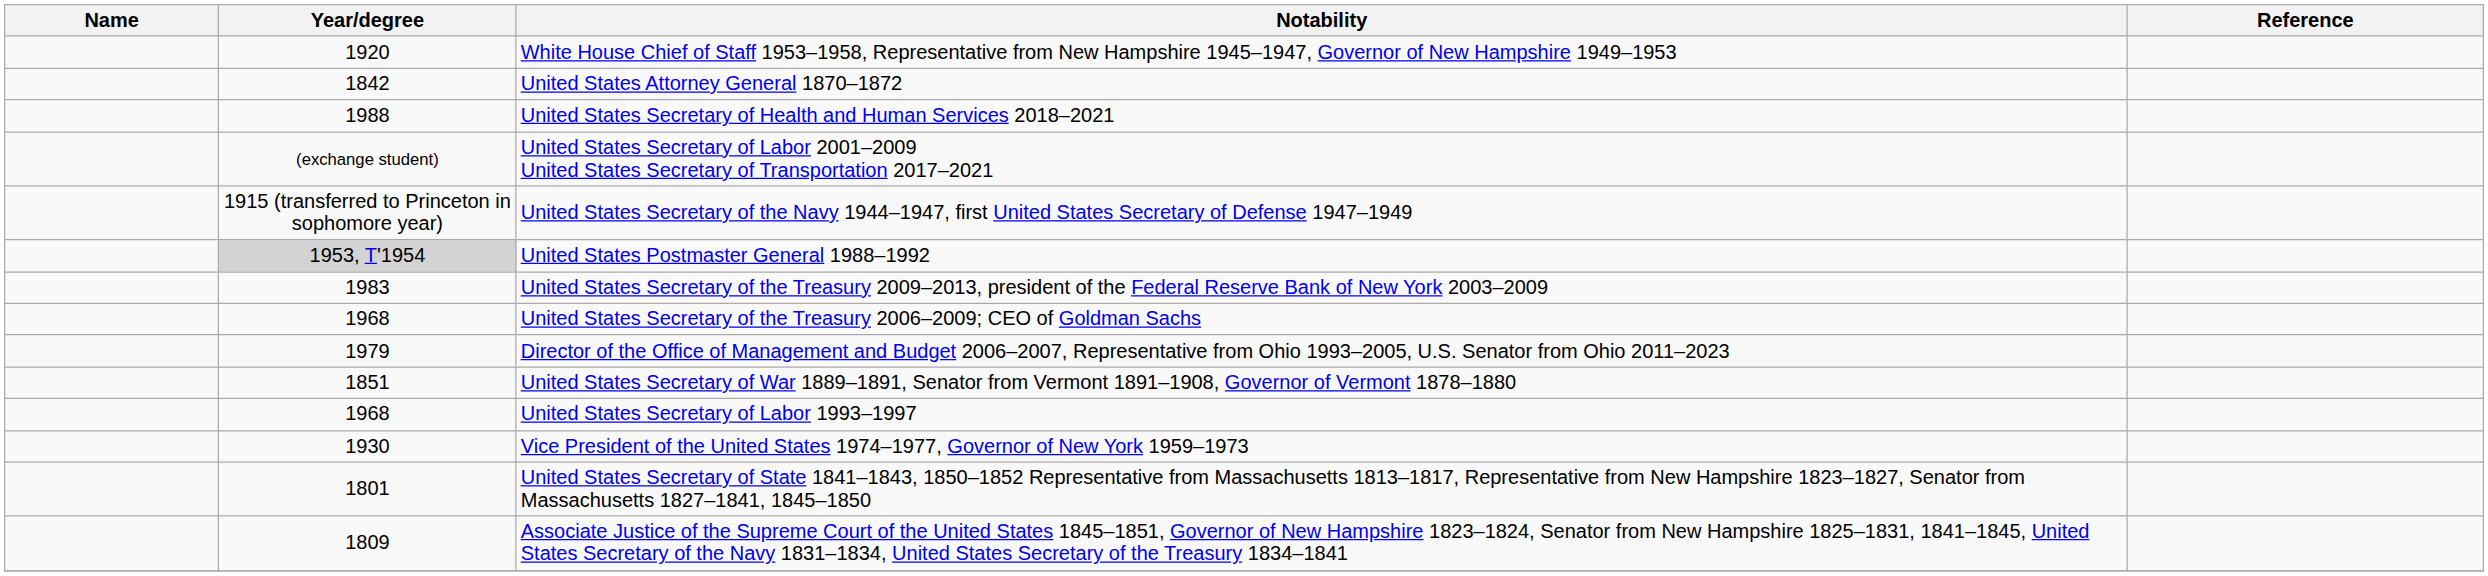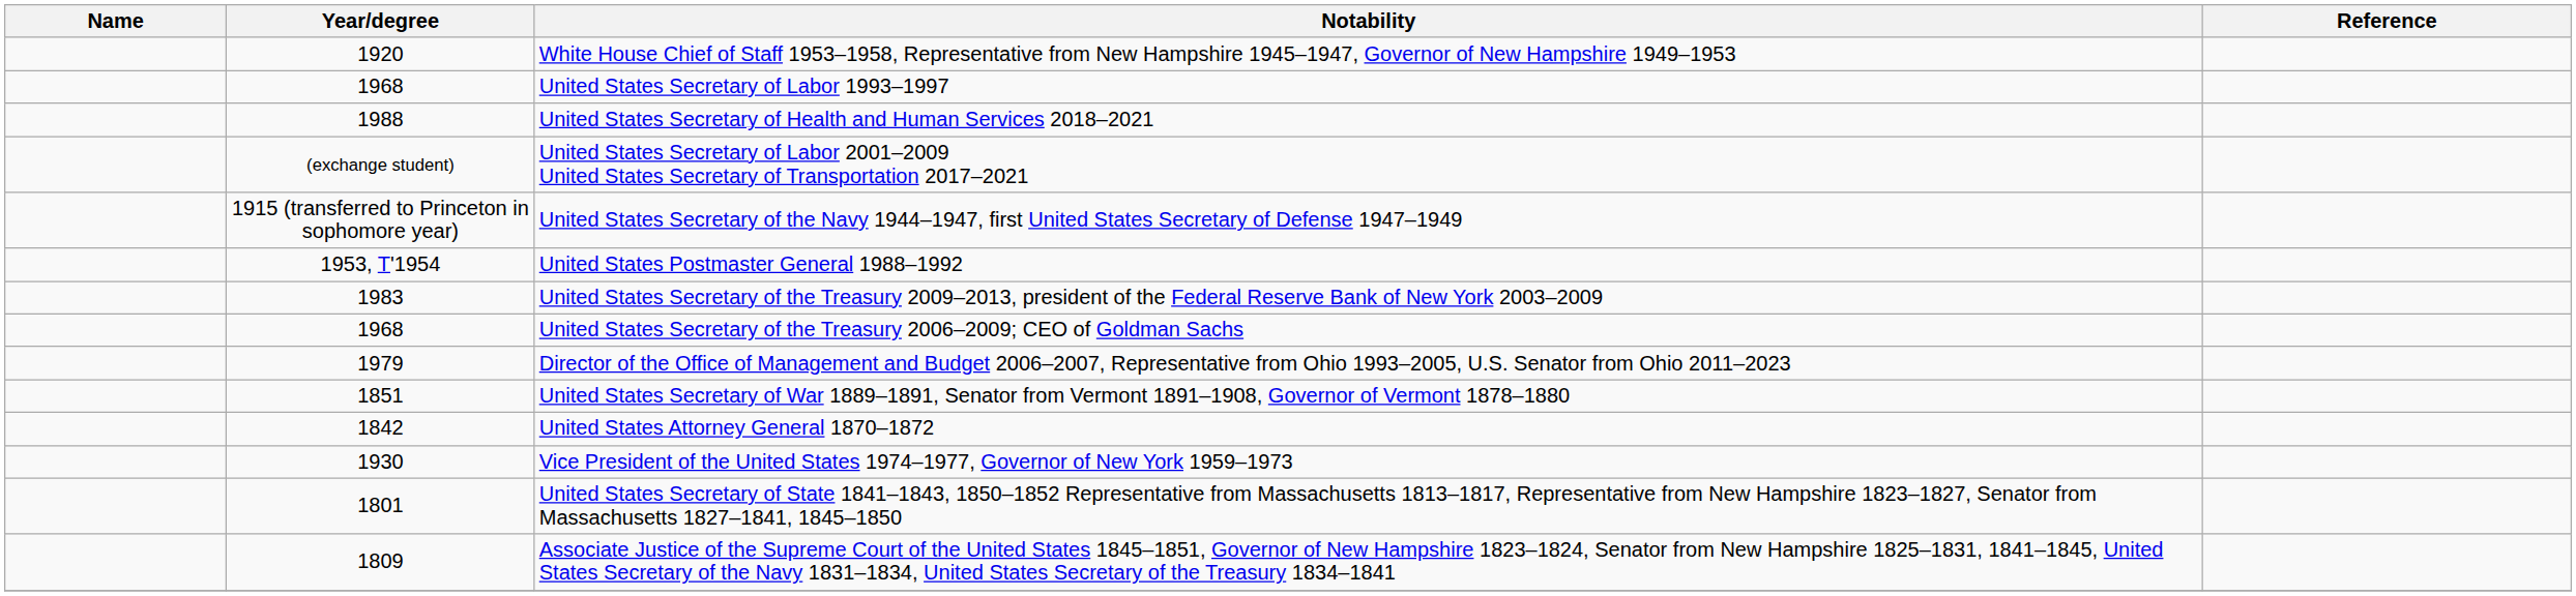 <table class="wikitable sortable" style="width:100%">
 <tr>
 <th style="width:*;">Name</th>
 <th style="width:12%;">Year/degree</th>
 <th style="width:65%;" class="unsortable">Notability</th>
 <th style="width:*;" class="unsortable">Reference</th>
 </tr>
 <tr>
 <td></td>
 <td style="text-align:center;">1920</td>
 <td><a href='#'>White House Chief of Staff</a> 1953–1958, Representative from New Hampshire 1945–1947, <a href='#'>Governor of New Hampshire</a> 1949–1953</td>
 <td style="text-align:center;"></td>
 </tr>
 <tr>
 <td></td>
-<td style="text-align:center;">1842</td>
-<td><a href='#'>United States Attorney General</a> 1870–1872</td>
+<td style="text-align:center;">1968</td>
+<td><a href='#'>United States Secretary of Labor</a> 1993–1997</td>
 <td style="text-align:center;"></td>
 </tr>
 <tr>
 <td></td>
 <td style="text-align:center;">1988</td>
 <td><a href='#'>United States Secretary of Health and Human Services</a> 2018–2021</td>
 <td style="text-align:center;"></td>
 </tr>
 <tr>
 <td></td>
 <td style="text-align:center;"><small>(exchange student)</small></td>
 <td><a href='#'>United States Secretary of Labor</a> 2001–2009<br><a href='#'>United States Secretary of Transportation</a>  2017–2021</td>
 <td style="text-align:center;"></td>
 </tr>
 <tr>
 <td></td>
 <td style="text-align:center;">1915 (transferred to Princeton in sophomore year)</td>
 <td><a href='#'>United States Secretary of the Navy</a> 1944–1947, first <a href='#'>United States Secretary of Defense</a> 1947–1949</td>
 <td style="text-align:center;"></td>
 </tr>
 <tr>
 <td></td>
-<td style="background: lightgrey; text-align:center;">1953, <a href='#'>T</a>'1954</td>
+<td style="text-align:center;">1953, <a href='#'>T</a>'1954</td>
 <td><a href='#'>United States Postmaster General</a> 1988–1992</td>
 <td style="text-align:center;"></td>
 </tr>
 <tr>
 <td></td>
 <td style="text-align:center;">1983</td>
 <td><a href='#'>United States Secretary of the Treasury</a> 2009–2013, president of the <a href='#'>Federal Reserve Bank of New York</a> 2003–2009</td>
 <td style="text-align:center;"></td>
 </tr>
 <tr>
 <td></td>
 <td style="text-align:center;">1968</td>
 <td><a href='#'>United States Secretary of the Treasury</a> 2006–2009; CEO of <a href='#'>Goldman Sachs</a></td>
 <td style="text-align:center;"></td>
 </tr>
 <tr>
 <td></td>
 <td style="text-align:center;">1979</td>
 <td><a href='#'>Director of the Office of Management and Budget</a> 2006–2007, Representative from Ohio 1993–2005, U.S. Senator from Ohio 2011–2023</td>
 <td style="text-align:center;"></td>
 </tr>
 <tr>
 <td></td>
 <td style="text-align:center;">1851</td>
 <td><a href='#'>United States Secretary of War</a> 1889–1891, Senator from Vermont 1891–1908, <a href='#'>Governor of Vermont</a> 1878–1880</td>
 <td style="text-align:center;"></td>
 </tr>
 <tr>
 <td></td>
-<td style="text-align:center;">1968</td>
-<td><a href='#'>United States Secretary of Labor</a> 1993–1997</td>
+<td style="text-align:center;">1842</td>
+<td><a href='#'>United States Attorney General</a> 1870–1872</td>
 <td style="text-align:center;"></td>
 </tr>
 <tr>
 <td></td>
 <td style="text-align:center;">1930</td>
 <td><a href='#'>Vice President of the United States</a> 1974–1977, <a href='#'>Governor of New York</a> 1959–1973</td>
 <td style="text-align:center;"></td>
 </tr>
 <tr>
 <td></td>
 <td style="text-align:center;">1801</td>
 <td><a href='#'>United States Secretary of State</a> 1841–1843, 1850–1852 Representative from Massachusetts 1813–1817, Representative from New Hampshire 1823–1827, Senator from Massachusetts 1827–1841, 1845–1850</td>
 <td style="text-align:center;"></td>
 </tr>
 <tr>
 <td></td>
 <td style="text-align:center;">1809</td>
 <td><a href='#'>Associate Justice of the Supreme Court of the United States</a> 1845–1851, <a href='#'>Governor of New Hampshire</a> 1823–1824, Senator from New Hampshire 1825–1831, 1841–1845, <a href='#'>United States Secretary of the Navy</a> 1831–1834, <a href='#'>United States Secretary of the Treasury</a> 1834–1841</td>
 <td style="text-align:center;"></td>
 </tr>
 <tr>
 </tr>
 </table>
